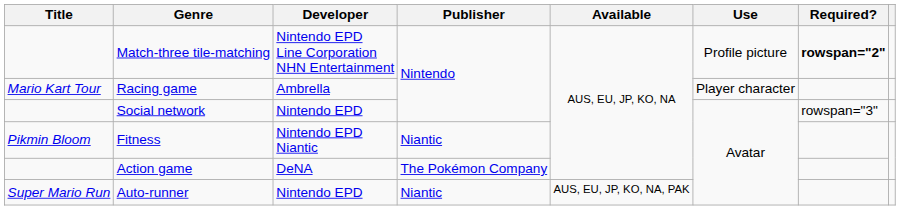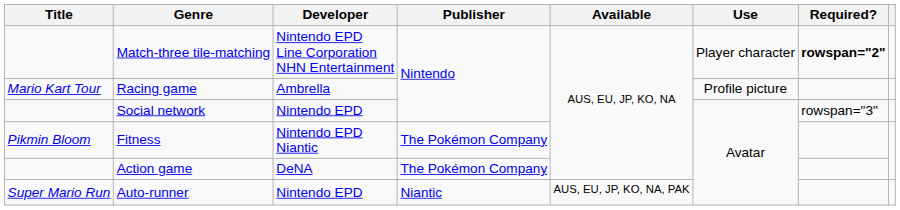 <table class="wikitable" id="mobilelist">
 <tr>
 <th>Title</th>
 <th>Genre</th>
 <th>Developer</th>
 <th>Publisher</th>
 <th>Available</th>
 <th>Use</th>
 <th>Required?</th>
 <th></th>
 </tr>
 <tr>
 <td></td>
 <td><a href='#'>Match-three tile-matching</a></td>
 <td><a href='#'>Nintendo EPD</a><br><a href='#'>Line Corporation</a><br><a href='#'>NHN Entertainment</a></td>
 <td rowspan="3"><a href='#'>Nintendo</a></td>
 <td rowspan="5" align="center"><sup>AUS, EU, JP, KO, NA</sup></td>
-<td align="center">Profile picture</td>
+<td align="center">Player character</td>
 <td><strong>rowspan="2" </strong></td>
 <td align="center"></td>
 </tr>
 <tr>
 <td><em><a href='#'>Mario Kart Tour</a></em></td>
 <td><a href='#'>Racing game</a></td>
 <td><a href='#'>Ambrella</a></td>
-<td align="center">Player character</td>
+<td align="center">Profile picture</td>
 <td align="center"></td>
 </tr>
 <tr>
 <td></td>
 <td><a href='#'>Social network</a></td>
 <td><a href='#'>Nintendo EPD</a></td>
 <td rowspan="4" align="center">Avatar</td>
 <td>rowspan="3" </td>
 <td align="center"></td>
 </tr>
 <tr>
 <td><em><a href='#'>Pikmin Bloom</a></em></td>
 <td><a href='#'>Fitness</a></td>
 <td><a href='#'>Nintendo EPD</a><br><a href='#'>Niantic</a></td>
-<td><a href='#'>Niantic</a></td>
+<td><a href='#'>The Pokémon Company</a></td>
 <td align="center"></td>
 </tr>
 <tr>
 <td></td>
 <td><a href='#'>Action game</a></td>
 <td><a href='#'>DeNA</a></td>
 <td><a href='#'>The Pokémon Company</a></td>
 <td align="center"></td>
 </tr>
 <tr>
 <td><em><a href='#'>Super Mario Run</a></em></td>
 <td><a href='#'>Auto-runner</a></td>
 <td><a href='#'>Nintendo EPD</a></td>
 <td><a href='#'>Niantic</a></td>
 <td align="center"><sup>AUS, EU, JP, KO, NA, PAK</sup></td>
 <td></td>
 <td align="center"></td>
 </tr>
 </table>
